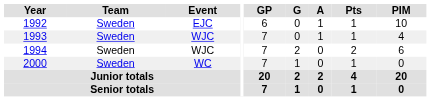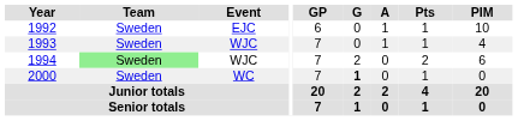 <table border="0" cellpadding="1" cellspacing="0" ID="Table3" style="text-align:center; width:40em">
 <tr ALIGN="center" bgcolor="#e0e0e0">
 <th>Year</th>
 <th>Team</th>
 <th>Event</th>
 <th rowspan="99" bgcolor="#ffffff"></th>
 <th>GP</th>
 <th>G</th>
 <th>A</th>
 <th>Pts</th>
 <th>PIM</th>
 </tr>
 <tr>
 <td><a href='#'>1992</a></td>
 <td><a href='#'>Sweden</a></td>
 <td><a href='#'>EJC</a></td>
 <td>6</td>
 <td>0</td>
 <td>1</td>
 <td>1</td>
 <td>10</td>
 </tr>
 <tr bgcolor="#f0f0f0">
 <td><a href='#'>1993</a></td>
 <td><a href='#'>Sweden</a></td>
 <td><a href='#'>WJC</a></td>
 <td>7</td>
 <td>0</td>
 <td>1</td>
 <td>1</td>
 <td>4</td>
 </tr>
 <tr>
 <td><a href='#'>1994</a></td>
-<td>Sweden</td>
+<td style="background: lightgreen;">Sweden</td>
 <td>WJC</td>
 <td>7</td>
 <td>2</td>
 <td>0</td>
 <td>2</td>
 <td>6</td>
 </tr>
 <tr bgcolor="#f0f0f0">
 <td><a href='#'>2000</a></td>
 <td><a href='#'>Sweden</a></td>
 <td><a href='#'>WC</a></td>
 <td>7</td>
-<td>1</td>
+<td><strong>1</strong></td>
 <td>0</td>
 <td>1</td>
 <td>0</td>
 </tr>
 <tr bgcolor="#e0e0e0">
 <th colspan="3">Junior totals</th>
 <th>20</th>
 <th>2</th>
 <th>2</th>
 <th>4</th>
 <th>20</th>
 </tr>
 <tr bgcolor="#e0e0e0">
 <th colspan="3">Senior totals</th>
 <th>7</th>
 <th>1</th>
 <th>0</th>
 <th>1</th>
 <th>0</th>
 </tr>
 </table>
